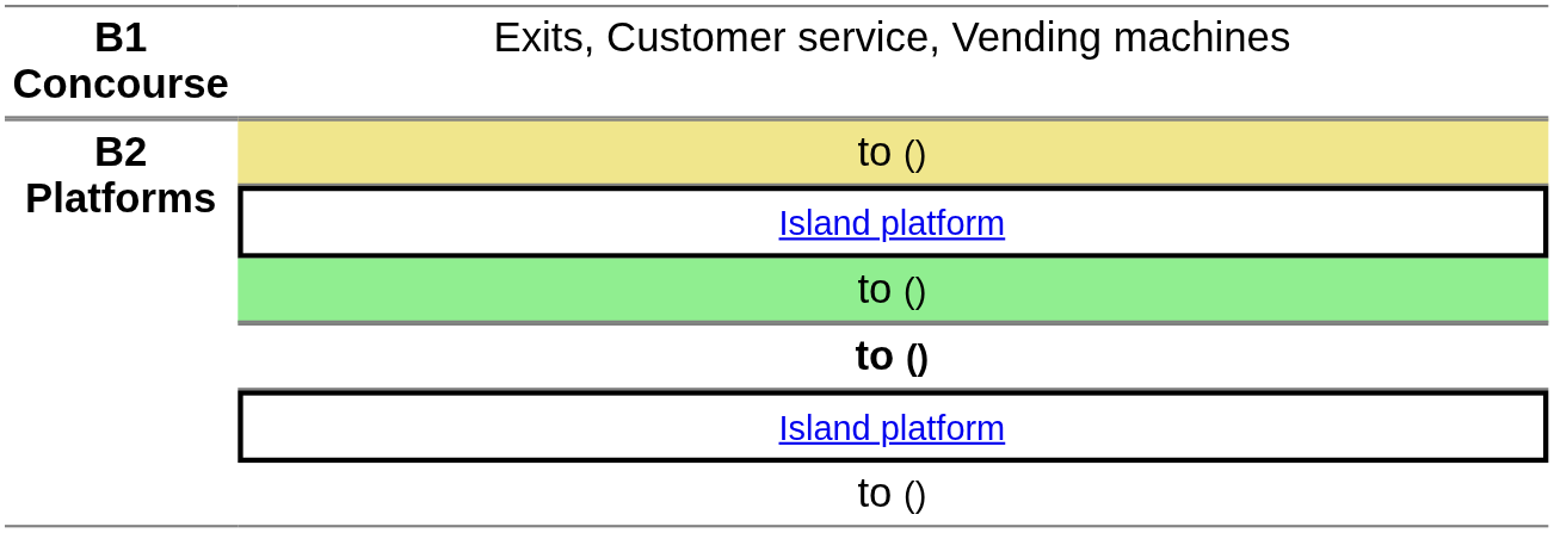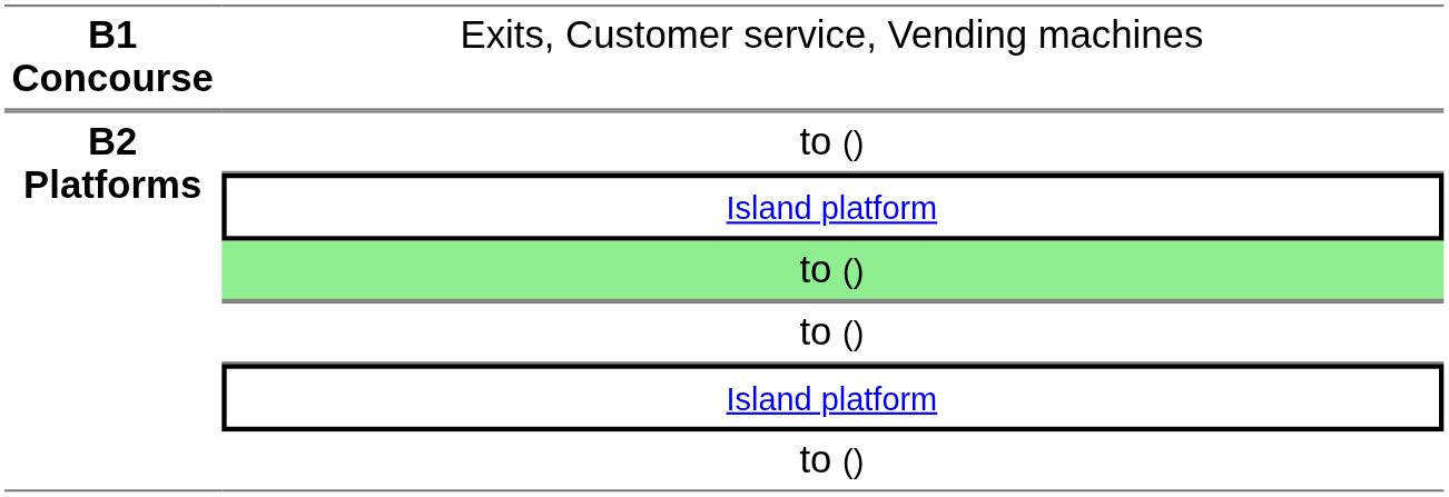 <table table border=0 cellspacing=0 cellpadding=3>
 <tr>
 <td style="border-bottom:solid 1px gray; border-top:solid 1px gray;text-align:center" valign=top><strong>B1<br>Concourse</strong></td>
 <td style="border-bottom:solid 1px gray; border-top:solid 1px gray;text-align:center;" valign=top width=500>Exits, Customer service, Vending machines</td>
 </tr>
 <tr>
 <td style="border-bottom:solid 1px gray; border-top:solid 1px gray;text-align:center" rowspan="6" valign=top><strong>B2<br>Platforms</strong></td>
-<td style="background: khaki; border-bottom:solid 1px gray; border-top:solid 1px gray;text-align:center;">  to  <small>()</small></td>
+<td style="border-bottom:solid 1px gray; border-top:solid 1px gray;text-align:center;">  to  <small>()</small></td>
 </tr>
 <tr>
 <td style="border-right:solid 2px black;border-left:solid 2px black;border-top:solid 2px black;border-bottom:solid 2px black;text-align:center;" colspan=2><small><a href='#'>Island platform</a></small></td>
 </tr>
 <tr>
 <td style="background: lightgreen; border-bottom:solid 1px gray;text-align:center;"> to  <small>()</small> </td>
 </tr>
 <tr>
-<td style="border-bottom:solid 1px gray; border-top:solid 1px gray;text-align:center;"><strong>  to  <small>()</small></strong></td>
+<td style="border-bottom:solid 1px gray; border-top:solid 1px gray;text-align:center;">  to  <small>()</small></td>
 </tr>
 <tr>
 <td style="border-right:solid 2px black;border-left:solid 2px black;border-top:solid 2px black;border-bottom:solid 2px black;text-align:center;" colspan=2><small><a href='#'>Island platform</a></small></td>
 </tr>
 <tr>
 <td style="border-bottom:solid 1px gray;text-align:center;"> to  <small>()</small> </td>
 </tr>
 </table>
